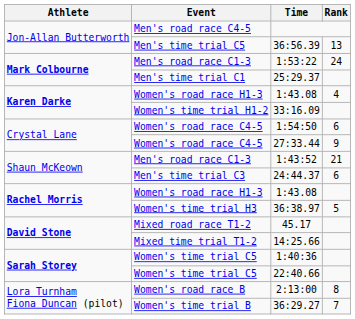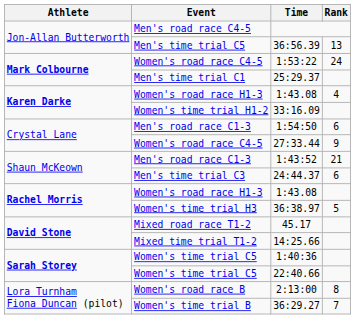 <table class=wikitable style="font-size:90%">
 <tr>
 <th>Athlete</th>
 <th>Event</th>
 <th>Time</th>
 <th>Rank</th>
 </tr>
 <tr>
 <td rowspan="2"><a href='#'>Jon-Allan Butterworth</a></td>
 <td><a href='#'>Men's road race C4-5</a></td>
 <td align="center" colspan=2></td>
 </tr>
 <tr>
 <td><a href='#'>Men's time trial C5</a></td>
 <td align="center">36:56.39</td>
 <td align="center">13</td>
 </tr>
 <tr>
 <td rowspan="2"><strong><a href='#'>Mark Colbourne</a></strong></td>
-<td><a href='#'>Men's road race C1-3</a></td>
+<td><a href='#'>Women's road race C4-5</a></td>
 <td align="center">1:53:22</td>
 <td align="center">24</td>
 </tr>
 <tr>
 <td><a href='#'>Men's time trial C1</a></td>
 <td align="center">25:29.37</td>
 <td align="center"></td>
 </tr>
 <tr>
 <td rowspan="2"><strong><a href='#'>Karen Darke</a></strong></td>
 <td><a href='#'>Women's road race H1-3</a></td>
 <td align="center">1:43.08</td>
 <td align="center">4</td>
 </tr>
 <tr>
 <td><a href='#'>Women's time trial H1-2</a></td>
 <td align="center">33:16.09</td>
 <td align="center"></td>
 </tr>
 <tr>
 <td rowspan="2"><a href='#'>Crystal Lane</a></td>
-<td><a href='#'>Women's road race C4-5</a></td>
+<td><a href='#'>Men's road race C1-3</a></td>
 <td align="center">1:54:50</td>
 <td align="center">6</td>
 </tr>
 <tr>
 <td><a href='#'>Women's road race C4-5</a></td>
 <td align="center">27:33.44</td>
 <td align="center">9</td>
 </tr>
 <tr>
 <td rowspan="2"><a href='#'>Shaun McKeown</a></td>
 <td><a href='#'>Men's road race C1-3</a></td>
 <td align="center">1:43:52</td>
 <td align="center">21</td>
 </tr>
 <tr>
 <td><a href='#'>Men's time trial C3</a></td>
 <td align="center">24:44.37</td>
 <td align="center">6</td>
 </tr>
 <tr>
 <td rowspan="2"><strong><a href='#'>Rachel Morris</a></strong></td>
 <td><a href='#'>Women's road race H1-3</a></td>
 <td align="center">1:43.08</td>
 <td align="center"></td>
 </tr>
 <tr>
 <td><a href='#'>Women's time trial H3</a></td>
 <td align="center">36:38.97</td>
 <td align="center">5</td>
 </tr>
 <tr>
 <td rowspan="2"><strong><a href='#'>David Stone</a></strong></td>
 <td><a href='#'>Mixed road race T1-2</a></td>
 <td align="center">45.17</td>
 <td align="center"></td>
 </tr>
 <tr>
 <td><a href='#'>Mixed time trial T1-2</a></td>
 <td align="center">14:25.66</td>
 <td align="center"></td>
 </tr>
 <tr>
 <td rowspan="2"><strong><a href='#'>Sarah Storey</a></strong></td>
 <td><a href='#'>Women's time trial C5</a></td>
 <td align="center">1:40:36</td>
 <td align="center"></td>
 </tr>
 <tr>
 <td><a href='#'>Women's time trial C5</a></td>
 <td align="center">22:40.66</td>
 <td align="center"></td>
 </tr>
 <tr>
 <td rowspan="2"><a href='#'>Lora Turnham</a><br><a href='#'>Fiona Duncan</a> (pilot)</td>
 <td><a href='#'>Women's road race B</a></td>
 <td align="center">2:13:00</td>
 <td align="center">8</td>
 </tr>
 <tr>
 <td><a href='#'>Women's time trial B</a></td>
 <td align="center">36:29.27</td>
 <td align="center">7</td>
 </tr>
 </table>
